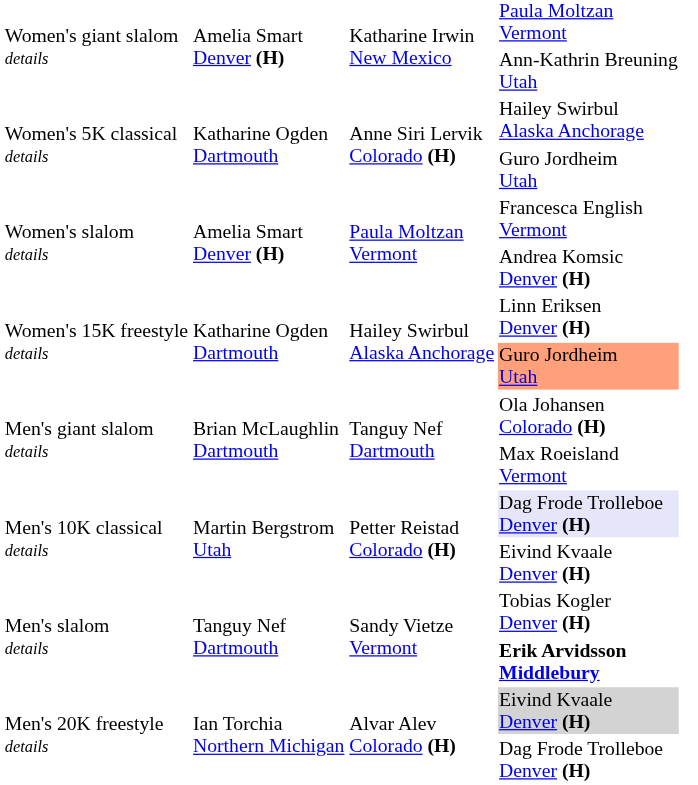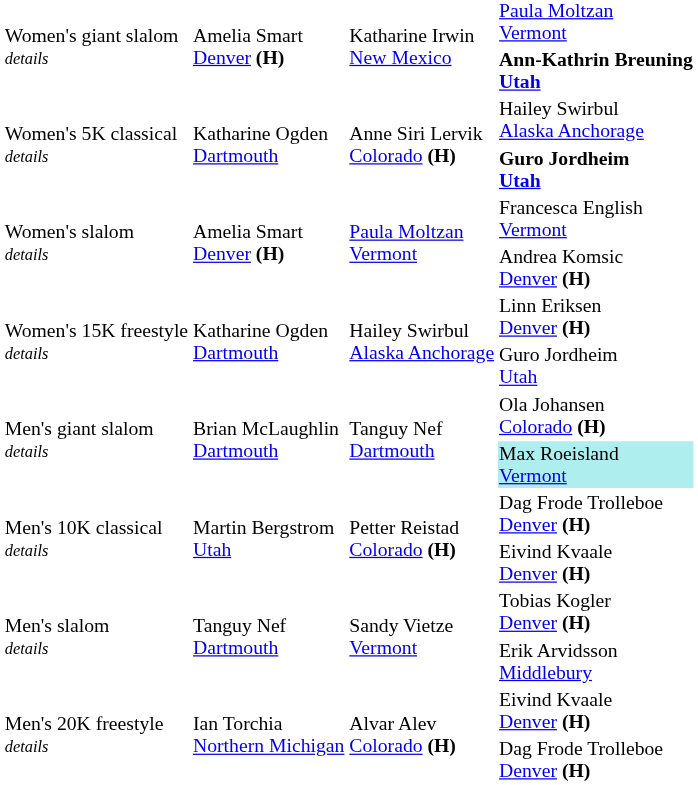 <table>
 <tr>
 <td rowspan=2>Women's giant slalom<br><small><em>details</em></small></td>
 <td rowspan=2>Amelia Smart<br> <a href='#'>Denver</a> <strong>(H)</strong></td>
 <td rowspan=2>Katharine Irwin<br> <a href='#'>New Mexico</a></td>
 <td><a href='#'>Paula Moltzan</a><br> <a href='#'>Vermont</a></td>
 </tr>
 <tr>
-<td>Ann-Kathrin Breuning<br> <a href='#'>Utah</a></td>
+<td><strong>Ann-Kathrin Breuning<br> <a href='#'>Utah</a></strong></td>
 </tr>
 <tr>
 <td rowspan=2>Women's 5K classical<br><small><em>details</em></small></td>
 <td rowspan=2>Katharine Ogden<br> <a href='#'>Dartmouth</a></td>
 <td rowspan=2>Anne Siri Lervik<br> <a href='#'>Colorado</a> <strong>(H)</strong></td>
 <td>Hailey Swirbul<br> <a href='#'>Alaska Anchorage</a></td>
 </tr>
 <tr>
-<td>Guro Jordheim<br> <a href='#'>Utah</a></td>
+<td><strong>Guro Jordheim<br> <a href='#'>Utah</a></strong></td>
 </tr>
 <tr>
 <td rowspan=2>Women's slalom<br><small><em>details</em></small></td>
 <td rowspan=2>Amelia Smart<br> <a href='#'>Denver</a> <strong>(H)</strong></td>
 <td rowspan=2><a href='#'>Paula Moltzan</a><br> <a href='#'>Vermont</a></td>
 <td>Francesca English<br> <a href='#'>Vermont</a></td>
 </tr>
 <tr>
 <td>Andrea Komsic<br> <a href='#'>Denver</a> <strong>(H)</strong></td>
 </tr>
 <tr>
 <td rowspan=2>Women's 15K freestyle<br><small><em>details</em></small></td>
 <td rowspan=2>Katharine Ogden<br> <a href='#'>Dartmouth</a></td>
 <td rowspan=2>Hailey Swirbul<br> <a href='#'>Alaska Anchorage</a></td>
 <td>Linn Eriksen<br> <a href='#'>Denver</a> <strong>(H)</strong></td>
 </tr>
 <tr>
-<td style="background: lightsalmon;">Guro Jordheim<br> <a href='#'>Utah</a></td>
+<td>Guro Jordheim<br> <a href='#'>Utah</a></td>
 </tr>
 <tr>
 <td rowspan=2>Men's giant slalom<br><small><em>details</em></small></td>
 <td rowspan=2>Brian McLaughlin<br> <a href='#'>Dartmouth</a></td>
 <td rowspan=2>Tanguy Nef<br> <a href='#'>Dartmouth</a></td>
 <td>Ola Johansen<br> <a href='#'>Colorado</a> <strong>(H)</strong></td>
 </tr>
 <tr>
-<td>Max Roeisland<br> <a href='#'>Vermont</a></td>
+<td style="background: paleturquoise;">Max Roeisland<br> <a href='#'>Vermont</a></td>
 </tr>
 <tr>
 <td rowspan=2>Men's 10K classical<br><small><em>details</em></small></td>
 <td rowspan=2>Martin Bergstrom<br> <a href='#'>Utah</a></td>
 <td rowspan=2>Petter Reistad<br> <a href='#'>Colorado</a> <strong>(H)</strong></td>
-<td style="background: lavender;">Dag Frode Trolleboe<br> <a href='#'>Denver</a> <strong>(H)</strong></td>
+<td>Dag Frode Trolleboe<br> <a href='#'>Denver</a> <strong>(H)</strong></td>
 </tr>
 <tr>
 <td>Eivind Kvaale<br> <a href='#'>Denver</a> <strong>(H)</strong></td>
 </tr>
 <tr>
 <td rowspan=2>Men's slalom<br><small><em>details</em></small></td>
 <td rowspan=2>Tanguy Nef<br> <a href='#'>Dartmouth</a></td>
 <td rowspan=2>Sandy Vietze<br> <a href='#'>Vermont</a></td>
 <td>Tobias Kogler<br> <a href='#'>Denver</a> <strong>(H)</strong></td>
 </tr>
 <tr>
-<td><strong>Erik Arvidsson<br> <a href='#'>Middlebury</a></strong></td>
+<td>Erik Arvidsson<br> <a href='#'>Middlebury</a></td>
 </tr>
 <tr>
 <td rowspan=2>Men's 20K freestyle<br><small><em>details</em></small></td>
 <td rowspan=2>Ian Torchia<br> <a href='#'>Northern Michigan</a></td>
 <td rowspan=2>Alvar Alev<br> <a href='#'>Colorado</a> <strong>(H)</strong></td>
-<td style="background: lightgrey;">Eivind Kvaale<br> <a href='#'>Denver</a> <strong>(H)</strong></td>
+<td>Eivind Kvaale<br> <a href='#'>Denver</a> <strong>(H)</strong></td>
 </tr>
 <tr>
 <td>Dag Frode Trolleboe<br> <a href='#'>Denver</a> <strong>(H)</strong></td>
 </tr>
 </table>
